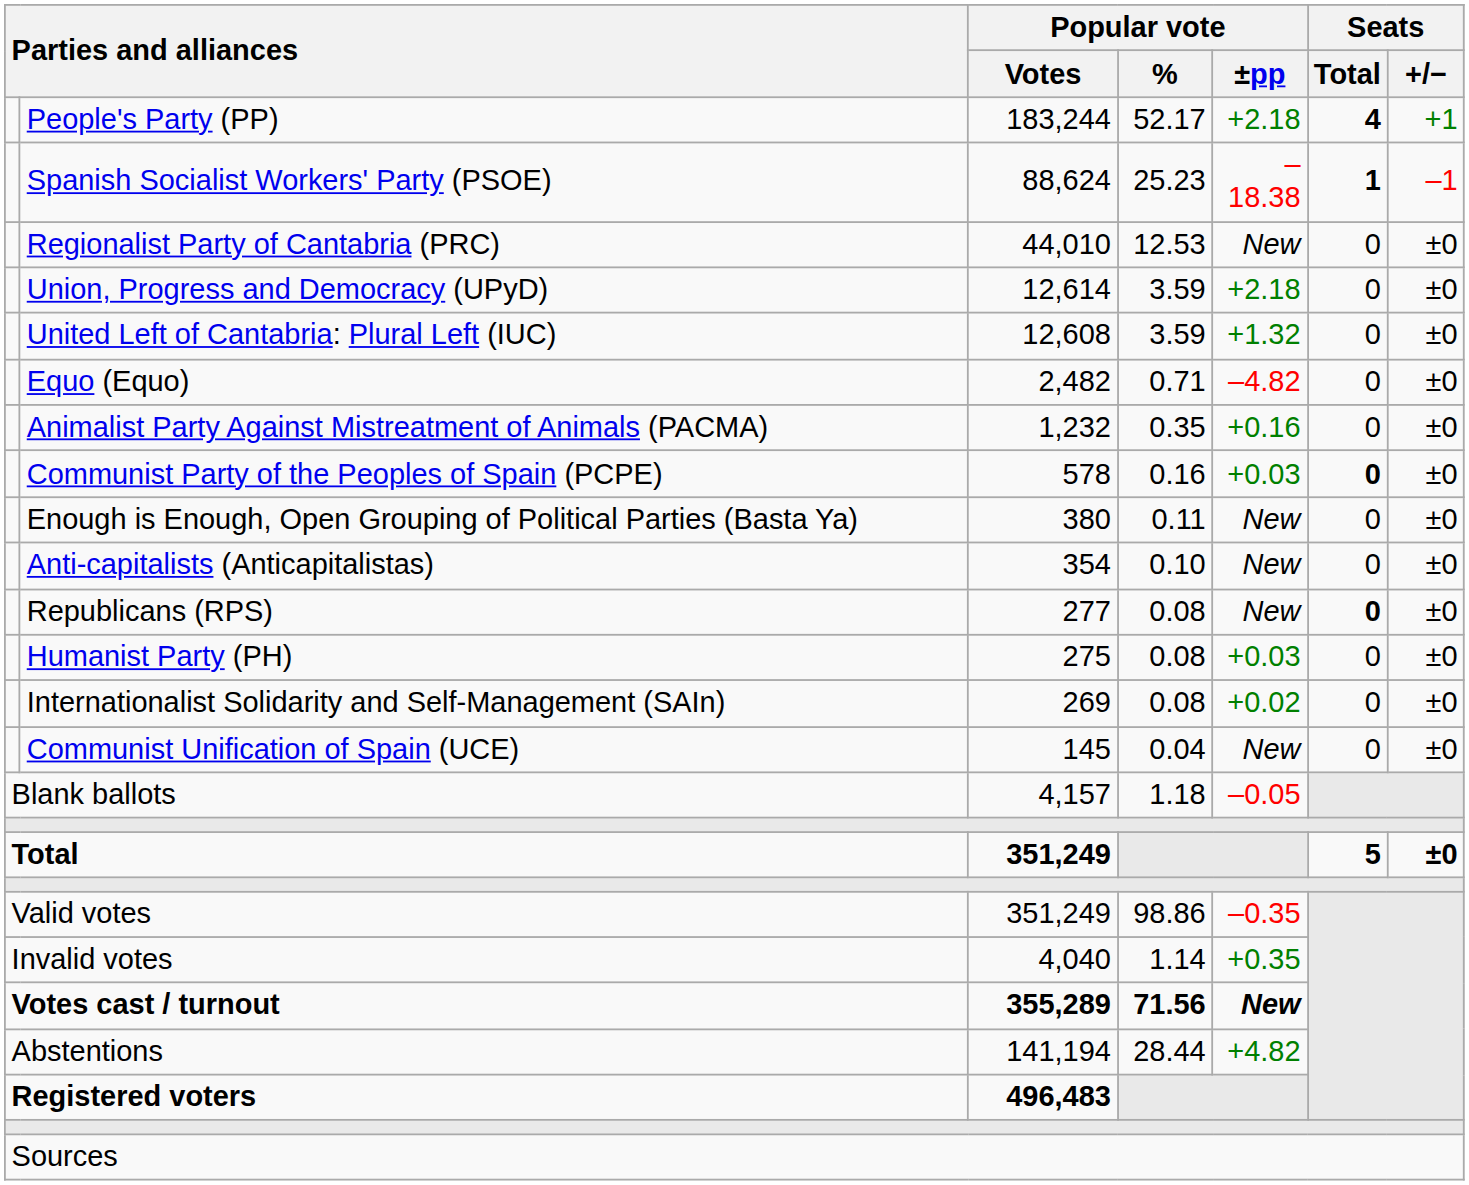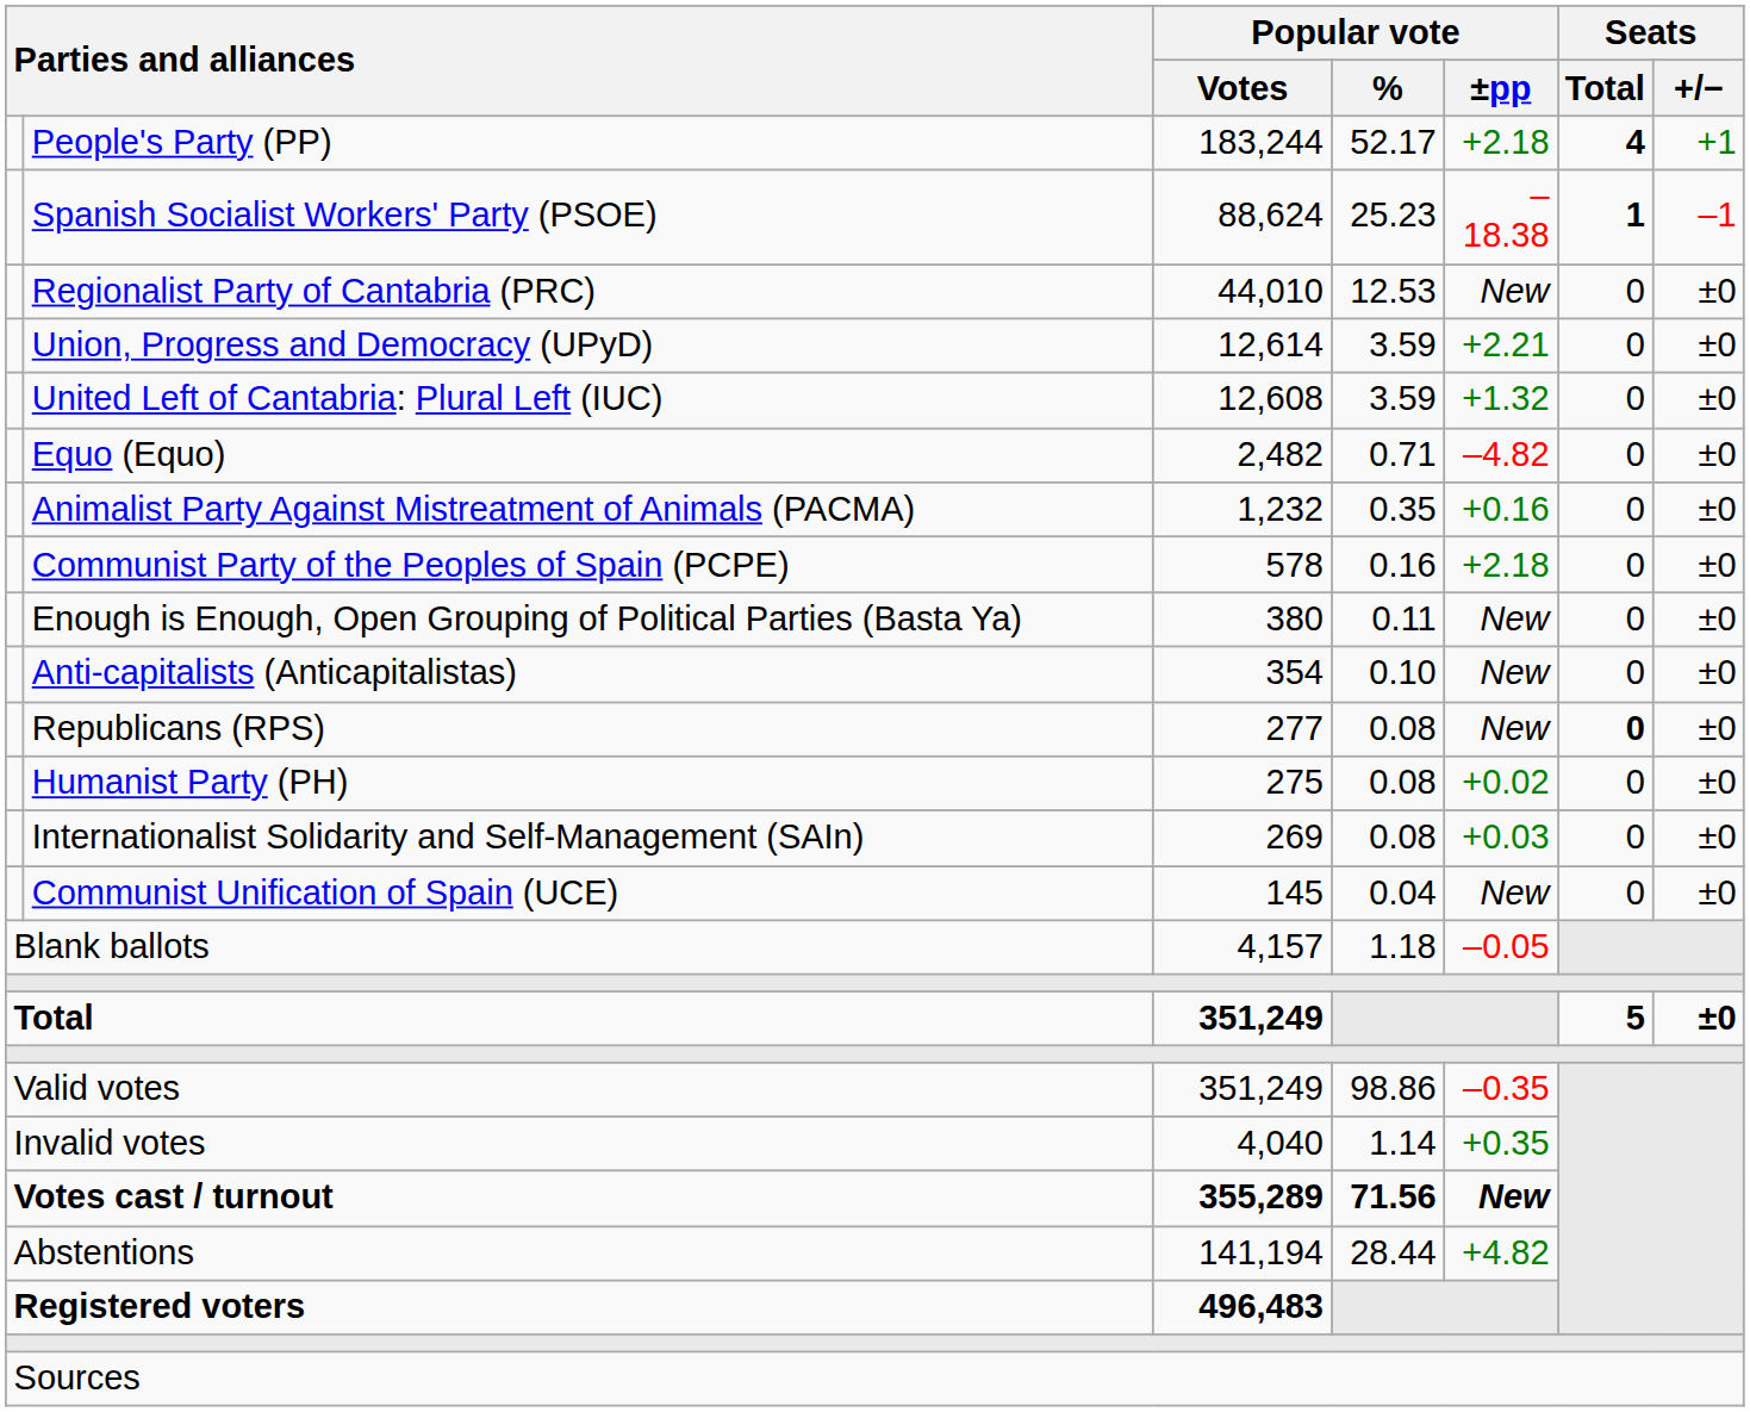 <table class="wikitable" style="text-align:right;">
 <tr>
 <th style="text-align:left;" rowspan="2" colspan="2" width="525">Parties and alliances</th>
 <th colspan="3">Popular vote</th>
 <th colspan="2">Seats</th>
 </tr>
 <tr>
 <th width="75">Votes</th>
 <th width="45">%</th>
 <th width="45">±<a href='#'>pp</a></th>
 <th width="35">Total</th>
 <th width="35">+/−</th>
 </tr>
 <tr>
 <td width="1" style="color:inherit;background:"></td>
 <td align="left"><a href='#'>People's Party</a> (PP)</td>
 <td>183,244</td>
 <td>52.17</td>
 <td style="color:green;">+2.18</td>
 <td><strong>4</strong></td>
 <td style="color:green;">+1</td>
 </tr>
 <tr>
 <td style="color:inherit;background:"></td>
 <td align="left"><a href='#'>Spanish Socialist Workers' Party</a> (PSOE)</td>
 <td>88,624</td>
 <td>25.23</td>
 <td style="color:red;">–18.38</td>
 <td><strong>1</strong></td>
 <td style="color:red;">–1</td>
 </tr>
 <tr>
 <td style="color:inherit;background:"></td>
 <td align="left"><a href='#'>Regionalist Party of Cantabria</a> (PRC)</td>
 <td>44,010</td>
 <td>12.53</td>
 <td><em>New</em></td>
 <td>0</td>
 <td>±0</td>
 </tr>
 <tr>
 <td style="color:inherit;background:"></td>
 <td align="left"><a href='#'>Union, Progress and Democracy</a> (UPyD)</td>
 <td>12,614</td>
 <td>3.59</td>
-<td style="color:green;">+2.18</td>
+<td style="color:green;">+2.21</td>
 <td>0</td>
 <td>±0</td>
 </tr>
 <tr>
 <td style="color:inherit;background:"></td>
 <td align="left"><a href='#'>United Left of Cantabria</a>: <a href='#'>Plural Left</a> (IUC)</td>
 <td>12,608</td>
 <td>3.59</td>
 <td style="color:green;">+1.32</td>
 <td>0</td>
 <td>±0</td>
 </tr>
 <tr>
 <td style="color:inherit;background:"></td>
 <td align="left"><a href='#'>Equo</a> (Equo)</td>
 <td>2,482</td>
 <td>0.71</td>
 <td style="color:red;">–4.82</td>
 <td>0</td>
 <td>±0</td>
 </tr>
 <tr>
 <td style="color:inherit;background:"></td>
 <td align="left"><a href='#'>Animalist Party Against Mistreatment of Animals</a> (PACMA)</td>
 <td>1,232</td>
 <td>0.35</td>
 <td style="color:green;">+0.16</td>
 <td>0</td>
 <td>±0</td>
 </tr>
 <tr>
 <td style="color:inherit;background:"></td>
 <td align="left"><a href='#'>Communist Party of the Peoples of Spain</a> (PCPE)</td>
 <td>578</td>
 <td>0.16</td>
-<td style="color:green;">+0.03</td>
-<td><strong>0</strong></td>
+<td style="color:green;">+2.18</td>
+<td>0</td>
 <td>±0</td>
 </tr>
 <tr>
 <td style="color:inherit;background:"></td>
 <td align="left">Enough is Enough, Open Grouping of Political Parties (Basta Ya)</td>
 <td>380</td>
 <td>0.11</td>
 <td><em>New</em></td>
 <td>0</td>
 <td>±0</td>
 </tr>
 <tr>
 <td style="color:inherit;background:"></td>
 <td align="left"><a href='#'>Anti-capitalists</a> (Anticapitalistas)</td>
 <td>354</td>
 <td>0.10</td>
 <td><em>New</em></td>
 <td>0</td>
 <td>±0</td>
 </tr>
 <tr>
 <td style="color:inherit;background:"></td>
 <td align="left">Republicans (RPS)</td>
 <td>277</td>
 <td>0.08</td>
 <td><em>New</em></td>
 <td><strong>0</strong></td>
 <td>±0</td>
 </tr>
 <tr>
 <td style="color:inherit;background:"></td>
 <td align="left"><a href='#'>Humanist Party</a> (PH)</td>
 <td>275</td>
 <td>0.08</td>
-<td style="color:green;">+0.03</td>
+<td style="color:green;">+0.02</td>
 <td>0</td>
 <td>±0</td>
 </tr>
 <tr>
 <td style="color:inherit;background:"></td>
 <td align="left">Internationalist Solidarity and Self-Management (SAIn)</td>
 <td>269</td>
 <td>0.08</td>
-<td style="color:green;">+0.02</td>
+<td style="color:green;">+0.03</td>
 <td>0</td>
 <td>±0</td>
 </tr>
 <tr>
 <td style="color:inherit;background:"></td>
 <td align="left"><a href='#'>Communist Unification of Spain</a> (UCE)</td>
 <td>145</td>
 <td>0.04</td>
 <td><em>New</em></td>
 <td>0</td>
 <td>±0</td>
 </tr>
 <tr>
 <td align="left" colspan="2">Blank ballots</td>
 <td>4,157</td>
 <td>1.18</td>
 <td style="color:red;">–0.05</td>
 <td bgcolor="#E9E9E9" colspan="2"></td>
 </tr>
 <tr>
 <td colspan="7" bgcolor="#E9E9E9"></td>
 </tr>
 <tr style="font-weight:bold;">
 <td align="left" colspan="2">Total</td>
 <td>351,249</td>
 <td bgcolor="#E9E9E9" colspan="2"></td>
 <td>5</td>
 <td>±0</td>
 </tr>
 <tr>
 <td colspan="7" bgcolor="#E9E9E9"></td>
 </tr>
 <tr>
 <td align="left" colspan="2">Valid votes</td>
 <td>351,249</td>
 <td>98.86</td>
 <td style="color:red;">–0.35</td>
 <td bgcolor="#E9E9E9" colspan="2" rowspan="5"></td>
 </tr>
 <tr>
 <td align="left" colspan="2">Invalid votes</td>
 <td>4,040</td>
 <td>1.14</td>
 <td style="color:green;">+0.35</td>
 </tr>
 <tr style="font-weight:bold;">
 <td align="left" colspan="2">Votes cast / turnout</td>
 <td>355,289</td>
 <td>71.56</td>
 <td><em>New</em></td>
 </tr>
 <tr>
 <td align="left" colspan="2">Abstentions</td>
 <td>141,194</td>
 <td>28.44</td>
 <td style="color:green;">+4.82</td>
 </tr>
 <tr style="font-weight:bold;">
 <td align="left" colspan="2">Registered voters</td>
 <td>496,483</td>
 <td bgcolor="#E9E9E9" colspan="2"></td>
 </tr>
 <tr>
 <td colspan="7" bgcolor="#E9E9E9"></td>
 </tr>
 <tr>
 <td align="left" colspan="7">Sources</td>
 </tr>
 </table>
